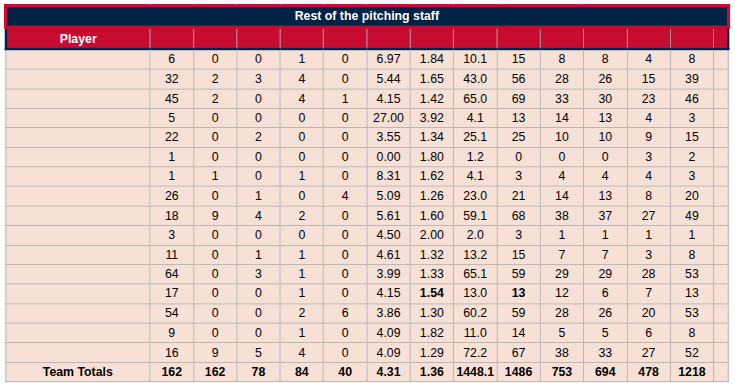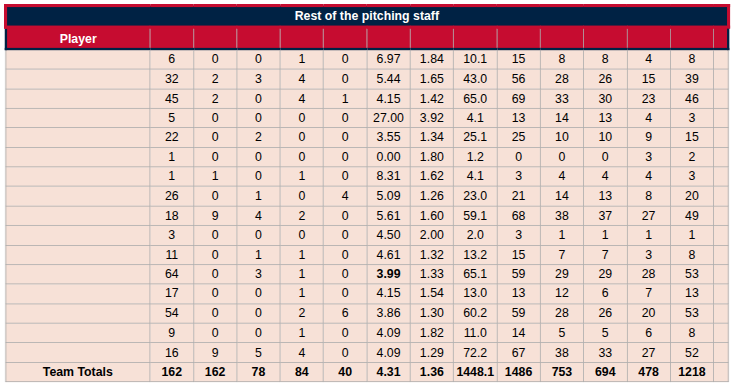 <table class="wikitable sortable mw-collapsible mw-collapsed">
 <tr>
 <th colspan=16 style="background:#024; border: 4px solid #c60c30;color:white;">Rest of the pitching staff</th>
 </tr>
 <tr>
 <th style="background:#c60c30; width:20%; color:#fff; border-top: 3px solid #024; border-bottom: 3px solid #024; border-left: 3px solid #024;">Player</th>
 <th style="background:#c60c30; width:6%; color:#fff; border-top: 3px solid #024; border-bottom: 3px solid #024;"></th>
 <th style="background:#c60c30; width:6%; color:#fff; border-top: 3px solid #024; border-bottom: 3px solid #024;"></th>
 <th style="background:#c60c30; width:6%; color:#fff; border-top: 3px solid #024; border-bottom: 3px solid #024;"></th>
 <th style="background:#c60c30; width:6%; color:#fff; border-top: 3px solid #024; border-bottom: 3px solid #024;"></th>
 <th style="background:#c60c30; width:6%; color:#fff; border-top: 3px solid #024; border-bottom: 3px solid #024;"></th>
 <th style="background:#c60c30; width:6%; color:#fff; border-top: 3px solid #024; border-bottom: 3px solid #024;"></th>
 <th style="background:#c60c30; width:6%; color:#fff; border-top: 3px solid #024; border-bottom: 3px solid #024;"></th>
 <th style="background:#c60c30; width:6%; color:#fff; border-top: 3px solid #024; border-bottom: 3px solid #024;"></th>
 <th style="background:#c60c30; width:6%; color:#fff; border-top: 3px solid #024; border-bottom: 3px solid #024;"></th>
 <th style="background:#c60c30; width:6%; color:#fff; border-top: 3px solid #024; border-bottom: 3px solid #024;"></th>
 <th style="background:#c60c30; width:6%; color:#fff; border-top: 3px solid #024; border-bottom: 3px solid #024;"></th>
 <th style="background:#c60c30; width:6%; color:#fff; border-top: 3px solid #024; border-bottom: 3px solid #024;"></th>
 <th style="background:#c60c30; width:6%; color:#fff; border-top: 3px solid #024; border-bottom: 3px solid #024;"></th>
 <th style="background:#c60c30; width:6%; color:#fff; border-top: 3px solid #024; border-bottom: 3px solid #024; border-right: 3px solid #024;"></th>
 </tr>
 <tr style="text-align:center; background:#f7e1d7;">
 <td></td>
 <td>6</td>
 <td>0</td>
 <td>0</td>
 <td>1</td>
 <td>0</td>
 <td>6.97</td>
 <td>1.84</td>
 <td>10.1</td>
 <td>15</td>
 <td>8</td>
 <td>8</td>
 <td>4</td>
 <td>8</td>
 <td></td>
 </tr>
 <tr style="text-align:center; background:#f7e1d7;">
 <td></td>
 <td>32</td>
 <td>2</td>
 <td>3</td>
 <td>4</td>
 <td>0</td>
 <td>5.44</td>
 <td>1.65</td>
 <td>43.0</td>
 <td>56</td>
 <td>28</td>
 <td>26</td>
 <td>15</td>
 <td>39</td>
 <td></td>
 </tr>
 <tr style="text-align:center; background:#f7e1d7;">
 <td></td>
 <td>45</td>
 <td>2</td>
 <td>0</td>
 <td>4</td>
 <td>1</td>
 <td>4.15</td>
 <td>1.42</td>
 <td>65.0</td>
 <td>69</td>
 <td>33</td>
 <td>30</td>
 <td>23</td>
 <td>46</td>
 <td></td>
 </tr>
 <tr style="text-align:center; background:#f7e1d7;">
 <td></td>
 <td>5</td>
 <td>0</td>
 <td>0</td>
 <td>0</td>
 <td>0</td>
 <td>27.00</td>
 <td>3.92</td>
 <td>4.1</td>
 <td>13</td>
 <td>14</td>
 <td>13</td>
 <td>4</td>
 <td>3</td>
 <td></td>
 </tr>
 <tr style="text-align:center; background:#f7e1d7;">
 <td></td>
 <td>22</td>
 <td>0</td>
 <td>2</td>
 <td>0</td>
 <td>0</td>
 <td>3.55</td>
 <td>1.34</td>
 <td>25.1</td>
 <td>25</td>
 <td>10</td>
 <td>10</td>
 <td>9</td>
 <td>15</td>
 <td></td>
 </tr>
 <tr style="text-align:center; background:#f7e1d7;">
 <td></td>
 <td>1</td>
 <td>0</td>
 <td>0</td>
 <td>0</td>
 <td>0</td>
 <td>0.00</td>
 <td>1.80</td>
 <td>1.2</td>
 <td>0</td>
 <td>0</td>
 <td>0</td>
 <td>3</td>
 <td>2</td>
 <td></td>
 </tr>
 <tr style="text-align:center; background:#f7e1d7;">
 <td></td>
 <td>1</td>
 <td>1</td>
 <td>0</td>
 <td>1</td>
 <td>0</td>
 <td>8.31</td>
 <td>1.62</td>
 <td>4.1</td>
 <td>3</td>
 <td>4</td>
 <td>4</td>
 <td>4</td>
 <td>3</td>
 <td></td>
 </tr>
 <tr style="text-align:center; background:#f7e1d7;">
 <td></td>
 <td>26</td>
 <td>0</td>
 <td>1</td>
 <td>0</td>
 <td>4</td>
 <td>5.09</td>
 <td>1.26</td>
 <td>23.0</td>
 <td>21</td>
 <td>14</td>
 <td>13</td>
 <td>8</td>
 <td>20</td>
 <td></td>
 </tr>
 <tr style="text-align:center; background:#f7e1d7;">
 <td></td>
 <td>18</td>
 <td>9</td>
 <td>4</td>
 <td>2</td>
 <td>0</td>
 <td>5.61</td>
 <td>1.60</td>
 <td>59.1</td>
 <td>68</td>
 <td>38</td>
 <td>37</td>
 <td>27</td>
 <td>49</td>
 <td></td>
 </tr>
 <tr style="text-align:center; background:#f7e1d7;">
 <td></td>
 <td>3</td>
 <td>0</td>
 <td>0</td>
 <td>0</td>
 <td>0</td>
 <td>4.50</td>
 <td>2.00</td>
 <td>2.0</td>
 <td>3</td>
 <td>1</td>
 <td>1</td>
 <td>1</td>
 <td>1</td>
 <td></td>
 </tr>
 <tr style="text-align:center; background:#f7e1d7;">
 <td></td>
 <td>11</td>
 <td>0</td>
 <td>1</td>
 <td>1</td>
 <td>0</td>
 <td>4.61</td>
 <td>1.32</td>
 <td>13.2</td>
 <td>15</td>
 <td>7</td>
 <td>7</td>
 <td>3</td>
 <td>8</td>
 <td></td>
 </tr>
 <tr style="text-align:center; background:#f7e1d7;">
 <td></td>
 <td>64</td>
 <td>0</td>
 <td>3</td>
 <td>1</td>
 <td>0</td>
-<td>3.99</td>
+<td><strong>3.99</strong></td>
 <td>1.33</td>
 <td>65.1</td>
 <td>59</td>
 <td>29</td>
 <td>29</td>
 <td>28</td>
 <td>53</td>
 <td></td>
 </tr>
 <tr style="text-align:center; background:#f7e1d7;">
 <td></td>
 <td>17</td>
 <td>0</td>
 <td>0</td>
 <td>1</td>
 <td>0</td>
 <td>4.15</td>
-<td><strong>1.54</strong></td>
+<td>1.54</td>
 <td>13.0</td>
-<td><strong>13</strong></td>
+<td>13</td>
 <td>12</td>
 <td>6</td>
 <td>7</td>
 <td>13</td>
 <td></td>
 </tr>
 <tr style="text-align:center; background:#f7e1d7;">
 <td></td>
 <td>54</td>
 <td>0</td>
 <td>0</td>
 <td>2</td>
 <td>6</td>
 <td>3.86</td>
 <td>1.30</td>
 <td>60.2</td>
 <td>59</td>
 <td>28</td>
 <td>26</td>
 <td>20</td>
 <td>53</td>
 <td></td>
 </tr>
 <tr style="text-align:center; background:#f7e1d7;">
 <td></td>
 <td>9</td>
 <td>0</td>
 <td>0</td>
 <td>1</td>
 <td>0</td>
 <td>4.09</td>
 <td>1.82</td>
 <td>11.0</td>
 <td>14</td>
 <td>5</td>
 <td>5</td>
 <td>6</td>
 <td>8</td>
 <td></td>
 </tr>
 <tr style="text-align:center; background:#f7e1d7;">
 <td></td>
 <td>16</td>
 <td>9</td>
 <td>5</td>
 <td>4</td>
 <td>0</td>
 <td>4.09</td>
 <td>1.29</td>
 <td>72.2</td>
 <td>67</td>
 <td>38</td>
 <td>33</td>
 <td>27</td>
 <td>52</td>
 <td></td>
 </tr>
 <tr style="text-align:center; background:#f7e1d7;">
 <td><strong>Team Totals</strong></td>
 <td><strong>162</strong></td>
 <td><strong>162</strong></td>
 <td><strong>78</strong></td>
 <td><strong>84</strong></td>
 <td><strong>40</strong></td>
 <td><strong>4.31</strong></td>
 <td><strong>1.36</strong></td>
 <td><strong>1448.1</strong></td>
 <td><strong>1486</strong></td>
 <td><strong>753</strong></td>
 <td><strong>694</strong></td>
 <td><strong>478</strong></td>
 <td><strong>1218</strong></td>
 <td></td>
 </tr>
 </table>
